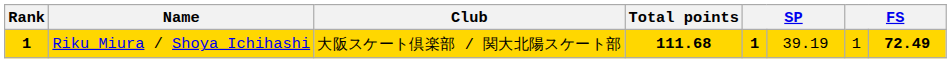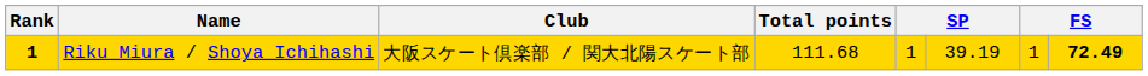 <table class="wikitable sortable">
 <tr>
 <th>Rank</th>
 <th>Name</th>
 <th>Club</th>
 <th>Total points</th>
 <th colspan="2" width="80px"><a href='#'>SP</a></th>
 <th colspan="2" width="80px"><a href='#'>FS</a></th>
 </tr>
 <tr bgcolor="gold">
 <td align="center"><strong>1</strong></td>
 <td><a href='#'>Riku Miura</a> / <a href='#'>Shoya Ichihashi</a></td>
 <td>大阪スケート倶楽部 / 関大北陽スケート部</td>
-<td align="center"><strong>111.68</strong></td>
-<td align="center"><strong>1</strong></td>
+<td align="center">111.68</td>
+<td align="center">1</td>
 <td align="center">39.19</td>
 <td align="center">1</td>
 <td align="center"><strong>72.49</strong></td>
 </tr>
 </table>
